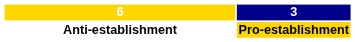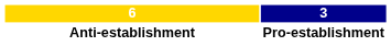 <table style="width:50%; text-align:center;">
 <tr style="color:white;">
 <td style="background:gold; width:67%;"><strong>6</strong></td>
 <td style="background:darkblue; width:33%;"><strong>3</strong></td>
 </tr>
 <tr>
 <td><span><strong>Anti-establishment</strong></span></td>
-<td style="background: gold;"><span><strong>Pro-establishment</strong></span></td>
+<td><span><strong>Pro-establishment</strong></span></td>
 </tr>
 </table>
